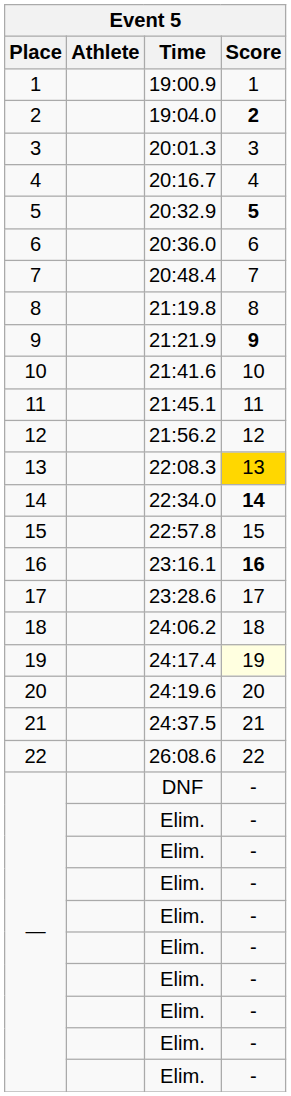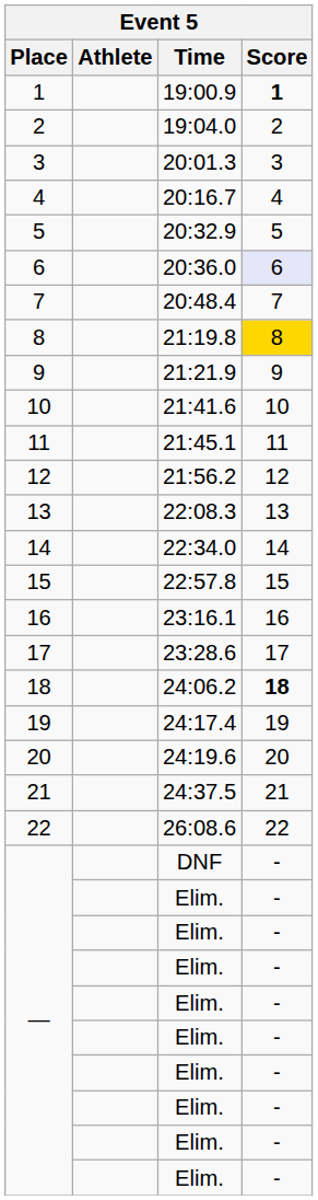 <table class=wikitable style="text-align:center">
 <tr>
 <th colspan=4><strong>Event 5</strong></th>
 </tr>
 <tr>
 <th>Place</th>
 <th>Athlete</th>
 <th>Time</th>
 <th>Score</th>
 </tr>
 <tr>
 <td>1</td>
 <td align=left></td>
 <td>19:00.9</td>
-<td>1</td>
+<td><strong>1</strong></td>
 </tr>
 <tr>
 <td>2</td>
 <td align=left></td>
 <td>19:04.0</td>
-<td><strong>2</strong></td>
+<td>2</td>
 </tr>
 <tr>
 <td>3</td>
 <td align=left></td>
 <td>20:01.3</td>
 <td>3</td>
 </tr>
 <tr>
 <td>4</td>
 <td align=left></td>
 <td>20:16.7</td>
 <td>4</td>
 </tr>
 <tr>
 <td>5</td>
 <td align=left></td>
 <td>20:32.9</td>
-<td><strong>5</strong></td>
+<td>5</td>
 </tr>
 <tr>
 <td>6</td>
 <td align=left></td>
 <td>20:36.0</td>
-<td>6</td>
+<td style="background: lavender;">6</td>
 </tr>
 <tr>
 <td>7</td>
 <td align=left></td>
 <td>20:48.4</td>
 <td>7</td>
 </tr>
 <tr>
 <td>8</td>
 <td align=left></td>
 <td>21:19.8</td>
-<td>8</td>
+<td style="background: gold;">8</td>
 </tr>
 <tr>
 <td>9</td>
 <td align=left></td>
 <td>21:21.9</td>
-<td><strong>9</strong></td>
+<td>9</td>
 </tr>
 <tr>
 <td>10</td>
 <td align=left></td>
 <td>21:41.6</td>
 <td>10</td>
 </tr>
 <tr>
 <td>11</td>
 <td align=left></td>
 <td>21:45.1</td>
 <td>11</td>
 </tr>
 <tr>
 <td>12</td>
 <td align=left></td>
 <td>21:56.2</td>
 <td>12</td>
 </tr>
 <tr>
 <td>13</td>
 <td align=left></td>
 <td>22:08.3</td>
-<td style="background: gold;">13</td>
+<td>13</td>
 </tr>
 <tr>
 <td>14</td>
 <td align=left></td>
 <td>22:34.0</td>
-<td><strong>14</strong></td>
+<td>14</td>
 </tr>
 <tr>
 <td>15</td>
 <td align=left></td>
 <td>22:57.8</td>
 <td>15</td>
 </tr>
 <tr>
 <td>16</td>
 <td align=left></td>
 <td>23:16.1</td>
-<td><strong>16</strong></td>
+<td>16</td>
 </tr>
 <tr>
 <td>17</td>
 <td align=left></td>
 <td>23:28.6</td>
 <td>17</td>
 </tr>
 <tr>
 <td>18</td>
 <td align=left></td>
 <td>24:06.2</td>
-<td>18</td>
+<td><strong>18</strong></td>
 </tr>
 <tr>
 <td>19</td>
 <td align=left></td>
 <td>24:17.4</td>
-<td style="background: lightyellow;">19</td>
+<td>19</td>
 </tr>
 <tr>
 <td>20</td>
 <td align=left></td>
 <td>24:19.6</td>
 <td>20</td>
 </tr>
 <tr>
 <td>21</td>
 <td align=left></td>
 <td>24:37.5</td>
 <td>21</td>
 </tr>
 <tr>
 <td>22</td>
 <td align=left></td>
 <td>26:08.6</td>
 <td>22</td>
 </tr>
 <tr>
 <td rowspan=10>—</td>
 <td align=left></td>
 <td>DNF</td>
 <td>-</td>
 </tr>
 <tr>
 <td align=left></td>
 <td>Elim.</td>
 <td>-</td>
 </tr>
 <tr>
 <td align=left></td>
 <td>Elim.</td>
 <td>-</td>
 </tr>
 <tr>
 <td align=left></td>
 <td>Elim.</td>
 <td>-</td>
 </tr>
 <tr>
 <td align=left></td>
 <td>Elim.</td>
 <td>-</td>
 </tr>
 <tr>
 <td align=left></td>
 <td>Elim.</td>
 <td>-</td>
 </tr>
 <tr>
 <td align=left></td>
 <td>Elim.</td>
 <td>-</td>
 </tr>
 <tr>
 <td align=left></td>
 <td>Elim.</td>
 <td>-</td>
 </tr>
 <tr>
 <td align=left></td>
 <td>Elim.</td>
 <td>-</td>
 </tr>
 <tr>
 <td align=left></td>
 <td>Elim.</td>
 <td>-</td>
 </tr>
 </table>
